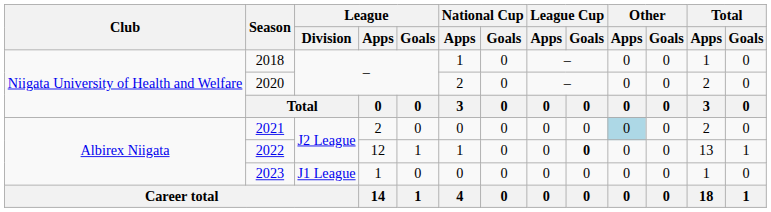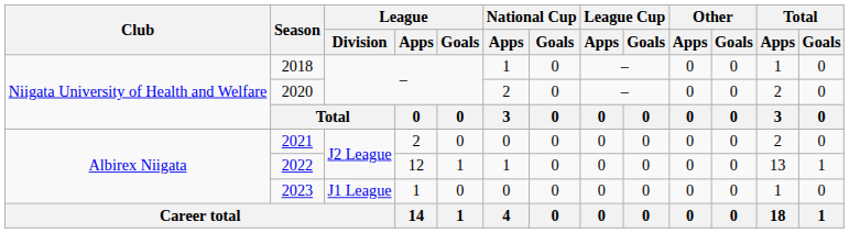 <table class="wikitable" style="text-align: center">
 <tr>
 <th rowspan="2">Club</th>
 <th rowspan="2">Season</th>
 <th colspan="3">League</th>
 <th colspan="2">National Cup</th>
 <th colspan="2">League Cup</th>
 <th colspan="2">Other</th>
 <th colspan="2">Total</th>
 </tr>
 <tr>
 <th>Division</th>
 <th>Apps</th>
 <th>Goals</th>
 <th>Apps</th>
 <th>Goals</th>
 <th>Apps</th>
 <th>Goals</th>
 <th>Apps</th>
 <th>Goals</th>
 <th>Apps</th>
 <th>Goals</th>
 </tr>
 <tr>
 <td rowspan="3"><a href='#'>Niigata University of Health and Welfare</a></td>
 <td>2018</td>
 <td colspan="3" rowspan="2">–</td>
 <td>1</td>
 <td>0</td>
 <td colspan="2">–</td>
 <td>0</td>
 <td>0</td>
 <td>1</td>
 <td>0</td>
 </tr>
 <tr>
 <td>2020</td>
 <td>2</td>
 <td>0</td>
 <td colspan="2">–</td>
 <td>0</td>
 <td>0</td>
 <td>2</td>
 <td>0</td>
 </tr>
 <tr>
 <th colspan=2>Total</th>
 <th>0</th>
 <th>0</th>
 <th>3</th>
 <th>0</th>
 <th>0</th>
 <th>0</th>
 <th>0</th>
 <th>0</th>
 <th>3</th>
 <th>0</th>
 </tr>
 <tr>
 <td rowspan="3"><a href='#'>Albirex Niigata</a></td>
 <td><a href='#'>2021</a></td>
 <td rowspan="2"><a href='#'>J2 League</a></td>
 <td>2</td>
 <td>0</td>
 <td>0</td>
 <td>0</td>
 <td>0</td>
 <td>0</td>
-<td style="background: lightblue;">0</td>
+<td>0</td>
 <td>0</td>
 <td>2</td>
 <td>0</td>
 </tr>
 <tr>
 <td><a href='#'>2022</a></td>
 <td>12</td>
 <td>1</td>
 <td>1</td>
 <td>0</td>
 <td>0</td>
-<td><strong>0</strong></td>
+<td>0</td>
 <td>0</td>
 <td>0</td>
 <td>13</td>
 <td>1</td>
 </tr>
 <tr>
 <td><a href='#'>2023</a></td>
 <td><a href='#'>J1 League</a></td>
 <td>1</td>
 <td>0</td>
 <td>0</td>
 <td>0</td>
 <td>0</td>
 <td>0</td>
 <td>0</td>
 <td>0</td>
 <td>1</td>
 <td>0</td>
 </tr>
 <tr>
 <th colspan=3>Career total</th>
 <th>14</th>
 <th>1</th>
 <th>4</th>
 <th>0</th>
 <th>0</th>
 <th>0</th>
 <th>0</th>
 <th>0</th>
 <th>18</th>
 <th>1</th>
 </tr>
 </table>
